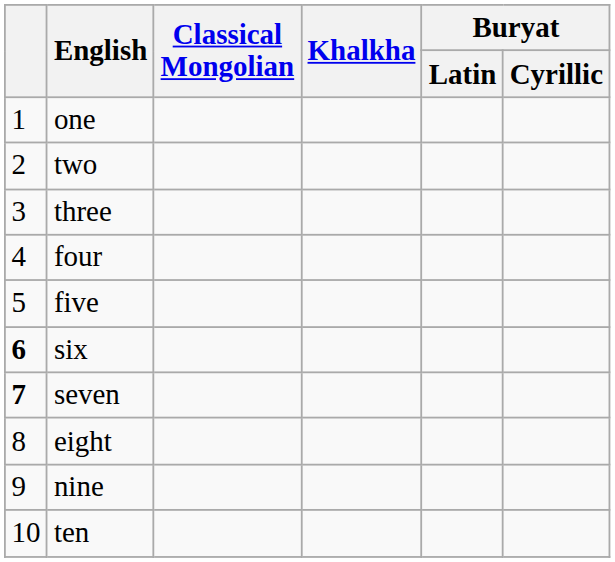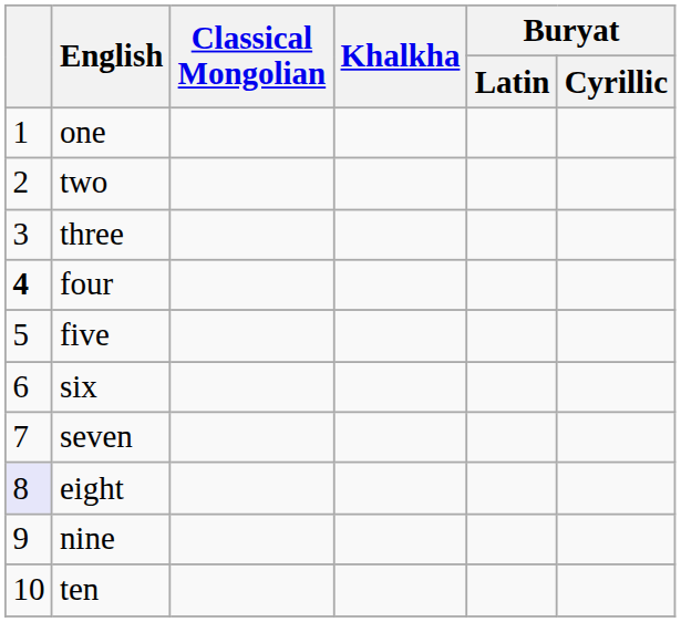 <table class="wikitable">
 <tr>
 <th rowspan=2></th>
 <th rowspan=2>English</th>
 <th rowspan=2><a href='#'>Classical<br> Mongolian</a></th>
 <th rowspan=2><a href='#'>Khalkha</a></th>
 <th colspan=2>Buryat</th>
 </tr>
 <tr>
 <th>Latin</th>
 <th>Cyrillic</th>
 </tr>
 <tr>
 <td>1</td>
 <td>one</td>
 <td></td>
 <td></td>
 <td></td>
 <td></td>
 </tr>
 <tr>
 <td>2</td>
 <td>two</td>
 <td></td>
 <td></td>
 <td></td>
 <td></td>
 </tr>
 <tr>
 <td>3</td>
 <td>three</td>
 <td></td>
 <td></td>
 <td></td>
 <td></td>
 </tr>
 <tr>
-<td>4</td>
+<td><strong>4</strong></td>
 <td>four</td>
 <td></td>
 <td></td>
 <td></td>
 <td></td>
 </tr>
 <tr>
 <td>5</td>
 <td>five</td>
 <td></td>
 <td></td>
 <td></td>
 <td></td>
 </tr>
 <tr>
-<td><strong>6</strong></td>
+<td>6</td>
 <td>six</td>
 <td></td>
 <td></td>
 <td></td>
 <td></td>
 </tr>
 <tr>
-<td><strong>7</strong></td>
+<td>7</td>
 <td>seven</td>
 <td></td>
 <td></td>
 <td></td>
 <td></td>
 </tr>
 <tr>
-<td>8</td>
+<td style="background: lavender;">8</td>
 <td>eight</td>
 <td></td>
 <td></td>
 <td></td>
 <td></td>
 </tr>
 <tr>
 <td>9</td>
 <td>nine</td>
 <td></td>
 <td></td>
 <td></td>
 <td></td>
 </tr>
 <tr>
 <td>10</td>
 <td>ten</td>
 <td></td>
 <td></td>
 <td></td>
 <td></td>
 </tr>
 </table>
